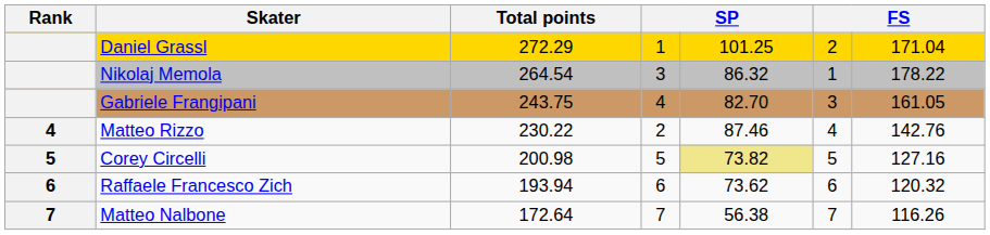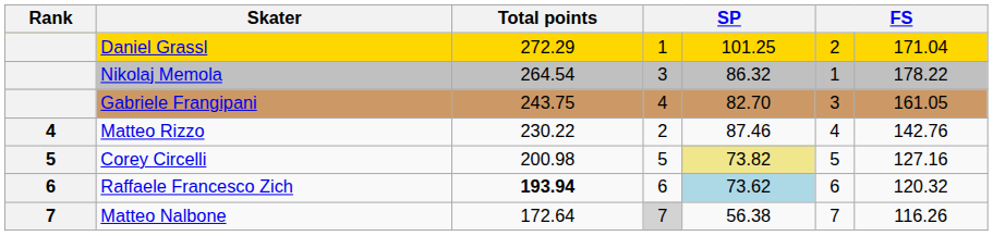 <table class="wikitable sortable" style="text-align:center;" width="70%">
 <tr>
 <th scope="col">Rank</th>
 <th scope="col">Skater</th>
 <th scope="col">Total points</th>
 <th scope="col" colspan="2" width="80px"><a href='#'>SP</a></th>
 <th scope="col" colspan="2" width="80px"><a href='#'>FS</a></th>
 </tr>
 <tr bgcolor="gold">
 <th scope="row"></th>
 <td align="left"><a href='#'>Daniel Grassl</a></td>
 <td>272.29</td>
 <td>1</td>
 <td>101.25</td>
 <td>2</td>
 <td>171.04</td>
 </tr>
 <tr bgcolor="silver">
 <th scope="row"></th>
 <td align="left"><a href='#'>Nikolaj Memola</a></td>
 <td>264.54</td>
 <td>3</td>
 <td>86.32</td>
 <td>1</td>
 <td>178.22</td>
 </tr>
 <tr bgcolor="cc9966">
 <th scope="row"></th>
 <td align="left"><a href='#'>Gabriele Frangipani</a></td>
 <td>243.75</td>
 <td>4</td>
 <td>82.70</td>
 <td>3</td>
 <td>161.05</td>
 </tr>
 <tr>
 <th scope="row">4</th>
 <td align="left"><a href='#'>Matteo Rizzo</a></td>
 <td>230.22</td>
 <td>2</td>
 <td>87.46</td>
 <td>4</td>
 <td>142.76</td>
 </tr>
 <tr>
 <th scope="row">5</th>
 <td align="left"><a href='#'>Corey Circelli</a></td>
 <td>200.98</td>
 <td>5</td>
 <td style="background: khaki;">73.82</td>
 <td>5</td>
 <td>127.16</td>
 </tr>
 <tr>
 <th scope="row">6</th>
 <td align="left"><a href='#'>Raffaele Francesco Zich</a></td>
-<td>193.94</td>
+<td><strong>193.94</strong></td>
 <td>6</td>
-<td>73.62</td>
+<td style="background: lightblue;">73.62</td>
 <td>6</td>
 <td>120.32</td>
 </tr>
 <tr>
 <th scope="row">7</th>
 <td align="left"><a href='#'>Matteo Nalbone</a></td>
 <td>172.64</td>
-<td>7</td>
+<td style="background: lightgrey;">7</td>
 <td>56.38</td>
 <td>7</td>
 <td>116.26</td>
 </tr>
 </table>
